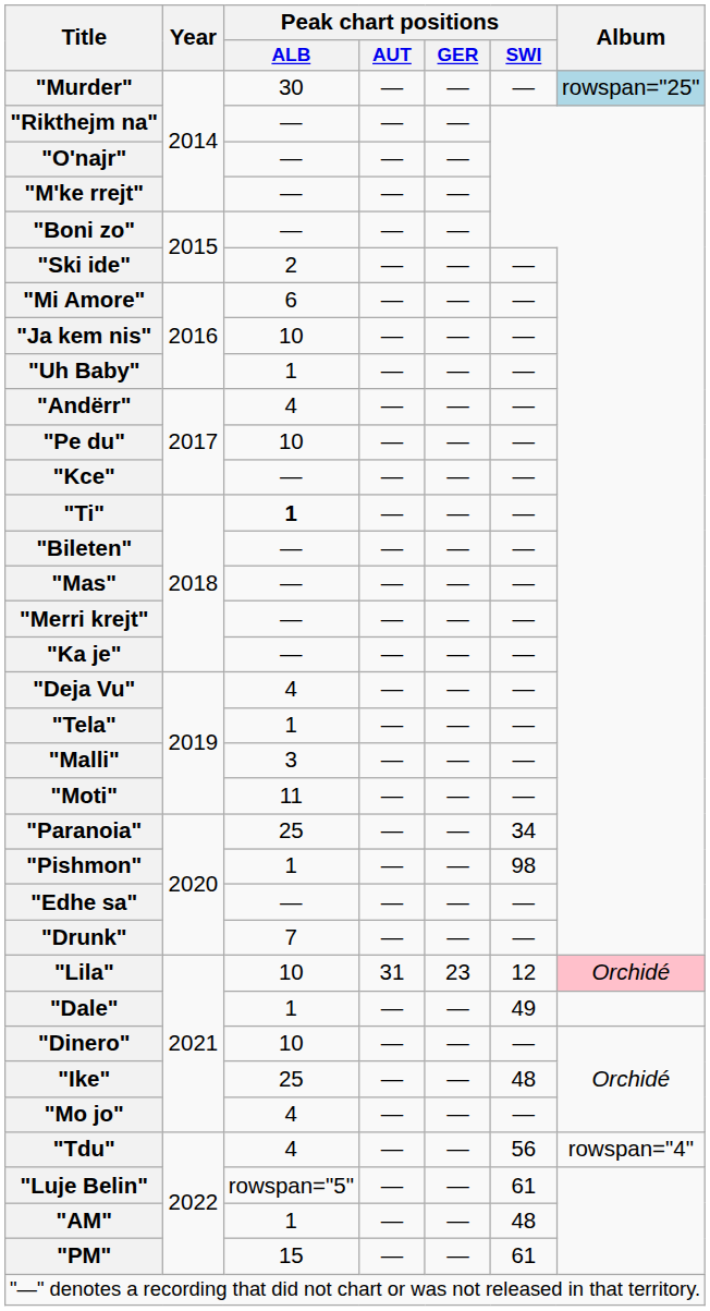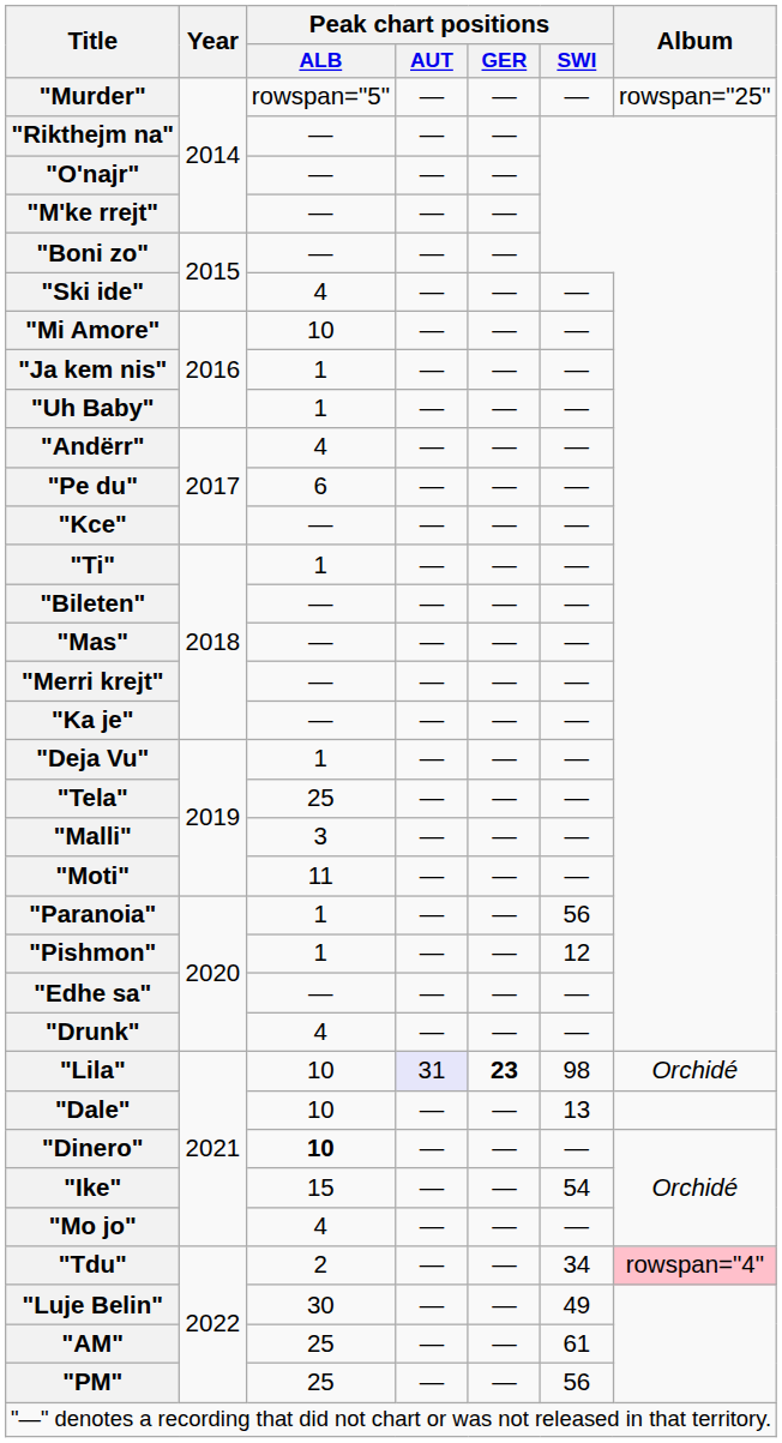 <table class="wikitable plainrowheaders" style="text-align:center;">
 <tr>
 <th scope="col" rowspan="2">Title</th>
 <th scope="col" rowspan="2">Year</th>
 <th scope="col" colspan="4">Peak chart positions</th>
 <th scope="col" rowspan="2">Album</th>
 </tr>
 <tr>
 <th style="width:3em; font-size:85%"><a href='#'>ALB</a><br></th>
 <th style="width:3em; font-size:85%"><a href='#'>AUT</a><br></th>
 <th style="width:3em; font-size:85%"><a href='#'>GER</a><br></th>
 <th style="width:3em; font-size:85%"><a href='#'>SWI</a><br></th>
 </tr>
 <tr>
 <th scope="row">"Murder"</th>
 <td rowspan="4">2014</td>
-<td>30</td>
+<td>rowspan="5" </td>
 <td>—</td>
 <td>—</td>
 <td>—</td>
-<td style="background: lightblue;">rowspan="25" </td>
+<td>rowspan="25" </td>
 </tr>
 <tr>
 <th scope="row">"Rikthejm na"<br></th>
 <td>—</td>
 <td>—</td>
 <td>—</td>
 </tr>
 <tr>
 <th scope="row">"O'najr"</th>
 <td>—</td>
 <td>—</td>
 <td>—</td>
 </tr>
 <tr>
 <th scope="row">"M'ke rrejt"</th>
 <td>—</td>
 <td>—</td>
 <td>—</td>
 </tr>
 <tr>
 <th scope="row">"Boni zo"</th>
 <td rowspan="2">2015</td>
 <td>—</td>
 <td>—</td>
 <td>—</td>
 </tr>
 <tr>
 <th scope="row">"Ski ide"</th>
-<td>2</td>
+<td>4</td>
 <td>—</td>
 <td>—</td>
 <td>—</td>
 </tr>
 <tr>
 <th scope="row">"Mi Amore"<br></th>
 <td rowspan="3">2016</td>
-<td>6</td>
+<td>10</td>
 <td>—</td>
 <td>—</td>
 <td>—</td>
 </tr>
 <tr>
 <th scope="row">"Ja kem nis"</th>
-<td>10</td>
+<td>1</td>
 <td>—</td>
 <td>—</td>
 <td>—</td>
 </tr>
 <tr>
 <th scope="row">"Uh Baby"<br></th>
 <td>1</td>
 <td>—</td>
 <td>—</td>
 <td>—</td>
 </tr>
 <tr>
 <th scope="row">"Andërr"</th>
 <td rowspan="3">2017</td>
 <td>4</td>
 <td>—</td>
 <td>—</td>
 <td>—</td>
 </tr>
 <tr>
 <th scope="row">"Pe du"</th>
-<td>10</td>
+<td>6</td>
 <td>—</td>
 <td>—</td>
 <td>—</td>
 </tr>
 <tr>
 <th scope="row">"Kce"</th>
 <td>—</td>
 <td>—</td>
 <td>—</td>
 <td>—</td>
 </tr>
 <tr>
 <th scope="row">"Ti"</th>
 <td rowspan="5">2018</td>
-<td><strong>1</strong></td>
+<td>1</td>
 <td>—</td>
 <td>—</td>
 <td>—</td>
 </tr>
 <tr>
 <th scope="row">"Bileten"</th>
 <td>—</td>
 <td>—</td>
 <td>—</td>
 <td>—</td>
 </tr>
 <tr>
 <th scope="row">"Mas"</th>
 <td>—</td>
 <td>—</td>
 <td>—</td>
 <td>—</td>
 </tr>
 <tr>
 <th scope="row">"Merri krejt"</th>
 <td>—</td>
 <td>—</td>
 <td>—</td>
 <td>—</td>
 </tr>
 <tr>
 <th scope="row">"Ka je"</th>
 <td>—</td>
 <td>—</td>
 <td>—</td>
 <td>—</td>
 </tr>
 <tr>
 <th scope="row">"Deja Vu"<br></th>
 <td rowspan="4">2019</td>
-<td>4</td>
+<td>1</td>
 <td>—</td>
 <td>—</td>
 <td>—</td>
 </tr>
 <tr>
 <th scope="row">"Tela"<br></th>
-<td>1</td>
+<td>25</td>
 <td>—</td>
 <td>—</td>
 <td>—</td>
 </tr>
 <tr>
 <th scope="row">"Malli"</th>
 <td>3</td>
 <td>—</td>
 <td>—</td>
 <td>—</td>
 </tr>
 <tr>
 <th scope="row">"Moti"</th>
 <td>11</td>
 <td>—</td>
 <td>—</td>
 <td>—</td>
 </tr>
 <tr>
 <th scope="row">"Paranoia"<br></th>
 <td rowspan="4">2020</td>
-<td>25</td>
+<td>1</td>
 <td>—</td>
 <td>—</td>
-<td>34</td>
+<td>56</td>
 </tr>
 <tr>
 <th scope="row">"Pishmon"<br></th>
 <td>1</td>
 <td>—</td>
 <td>—</td>
-<td>98</td>
+<td>12</td>
 </tr>
 <tr>
 <th scope="row">"Edhe sa"</th>
 <td>—</td>
 <td>—</td>
 <td>—</td>
 <td>—</td>
 </tr>
 <tr>
 <th scope="row">"Drunk"</th>
-<td>7</td>
+<td>4</td>
 <td>—</td>
 <td>—</td>
 <td>—</td>
 </tr>
 <tr>
 <th scope="row">"Lila"<br></th>
 <td rowspan="5">2021</td>
 <td>10</td>
-<td>31</td>
-<td>23</td>
-<td>12</td>
-<td style="background: pink;"><em>Orchidé</em></td>
+<td style="background: lavender;">31</td>
+<td><strong>23</strong></td>
+<td>98</td>
+<td><em>Orchidé</em></td>
 </tr>
 <tr>
 <th scope="row">"Dale"<br></th>
-<td>1</td>
+<td>10</td>
 <td>—</td>
 <td>—</td>
-<td>49</td>
+<td>13</td>
 <td></td>
 </tr>
 <tr>
 <th scope="row">"Dinero"</th>
-<td>10</td>
+<td><strong>10</strong></td>
 <td>—</td>
 <td>—</td>
 <td>—</td>
 <td rowspan="3"><em>Orchidé</em></td>
 </tr>
 <tr>
 <th scope="row">"Ike"</th>
-<td>25</td>
+<td>15</td>
 <td>—</td>
 <td>—</td>
-<td>48</td>
+<td>54</td>
 </tr>
 <tr>
 <th scope="row">"Mo jo"</th>
 <td>4</td>
 <td>—</td>
 <td>—</td>
 <td>—</td>
 </tr>
 <tr>
 <th scope="row">"Tdu"<br></th>
 <td rowspan="4">2022</td>
-<td>4</td>
+<td>2</td>
 <td>—</td>
 <td>—</td>
-<td>56</td>
-<td>rowspan="4" </td>
+<td>34</td>
+<td style="background: pink;">rowspan="4" </td>
 </tr>
 <tr>
 <th scope="row">"Luje Belin"<br></th>
-<td>rowspan="5" </td>
+<td>30</td>
+<td>—</td>
+<td>—</td>
+<td>49</td>
+</tr>
+<tr>
+<th scope="row">"AM"<br></th>
+<td>25</td>
 <td>—</td>
 <td>—</td>
 <td>61</td>
 </tr>
 <tr>
-<th scope="row">"AM"<br></th>
-<td>1</td>
+<th scope="row">"PM"<br></th>
+<td>25</td>
 <td>—</td>
 <td>—</td>
-<td>48</td>
-</tr>
-<tr>
-<th scope="row">"PM"<br></th>
-<td>15</td>
-<td>—</td>
-<td>—</td>
-<td>61</td>
+<td>56</td>
 </tr>
 <tr>
 <td colspan="11" style="font-size:90%">"—" denotes a recording that did not chart or was not released in that territory.</td>
 </tr>
 </table>
